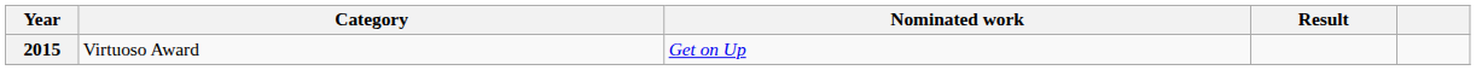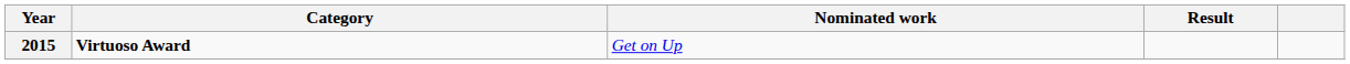 <table class="wikitable plainrowheaders" style="width:100%;">
 <tr>
 <th scope="col" style="width:5%;">Year</th>
 <th scope="col" style="width:40%;">Category</th>
 <th scope="col" style="width:40%;">Nominated work</th>
 <th scope="col" style="width:10%;">Result</th>
 <th scope="col" style="width:5%;"></th>
 </tr>
 <tr>
 <th scope="row" style="text-align:center;">2015</th>
-<td>Virtuoso Award</td>
+<td><strong>Virtuoso Award</strong></td>
 <td><em><a href='#'>Get on Up</a></em></td>
 <td></td>
 <td style="text-align:center;"></td>
 </tr>
 <tr>
 </tr>
 </table>
